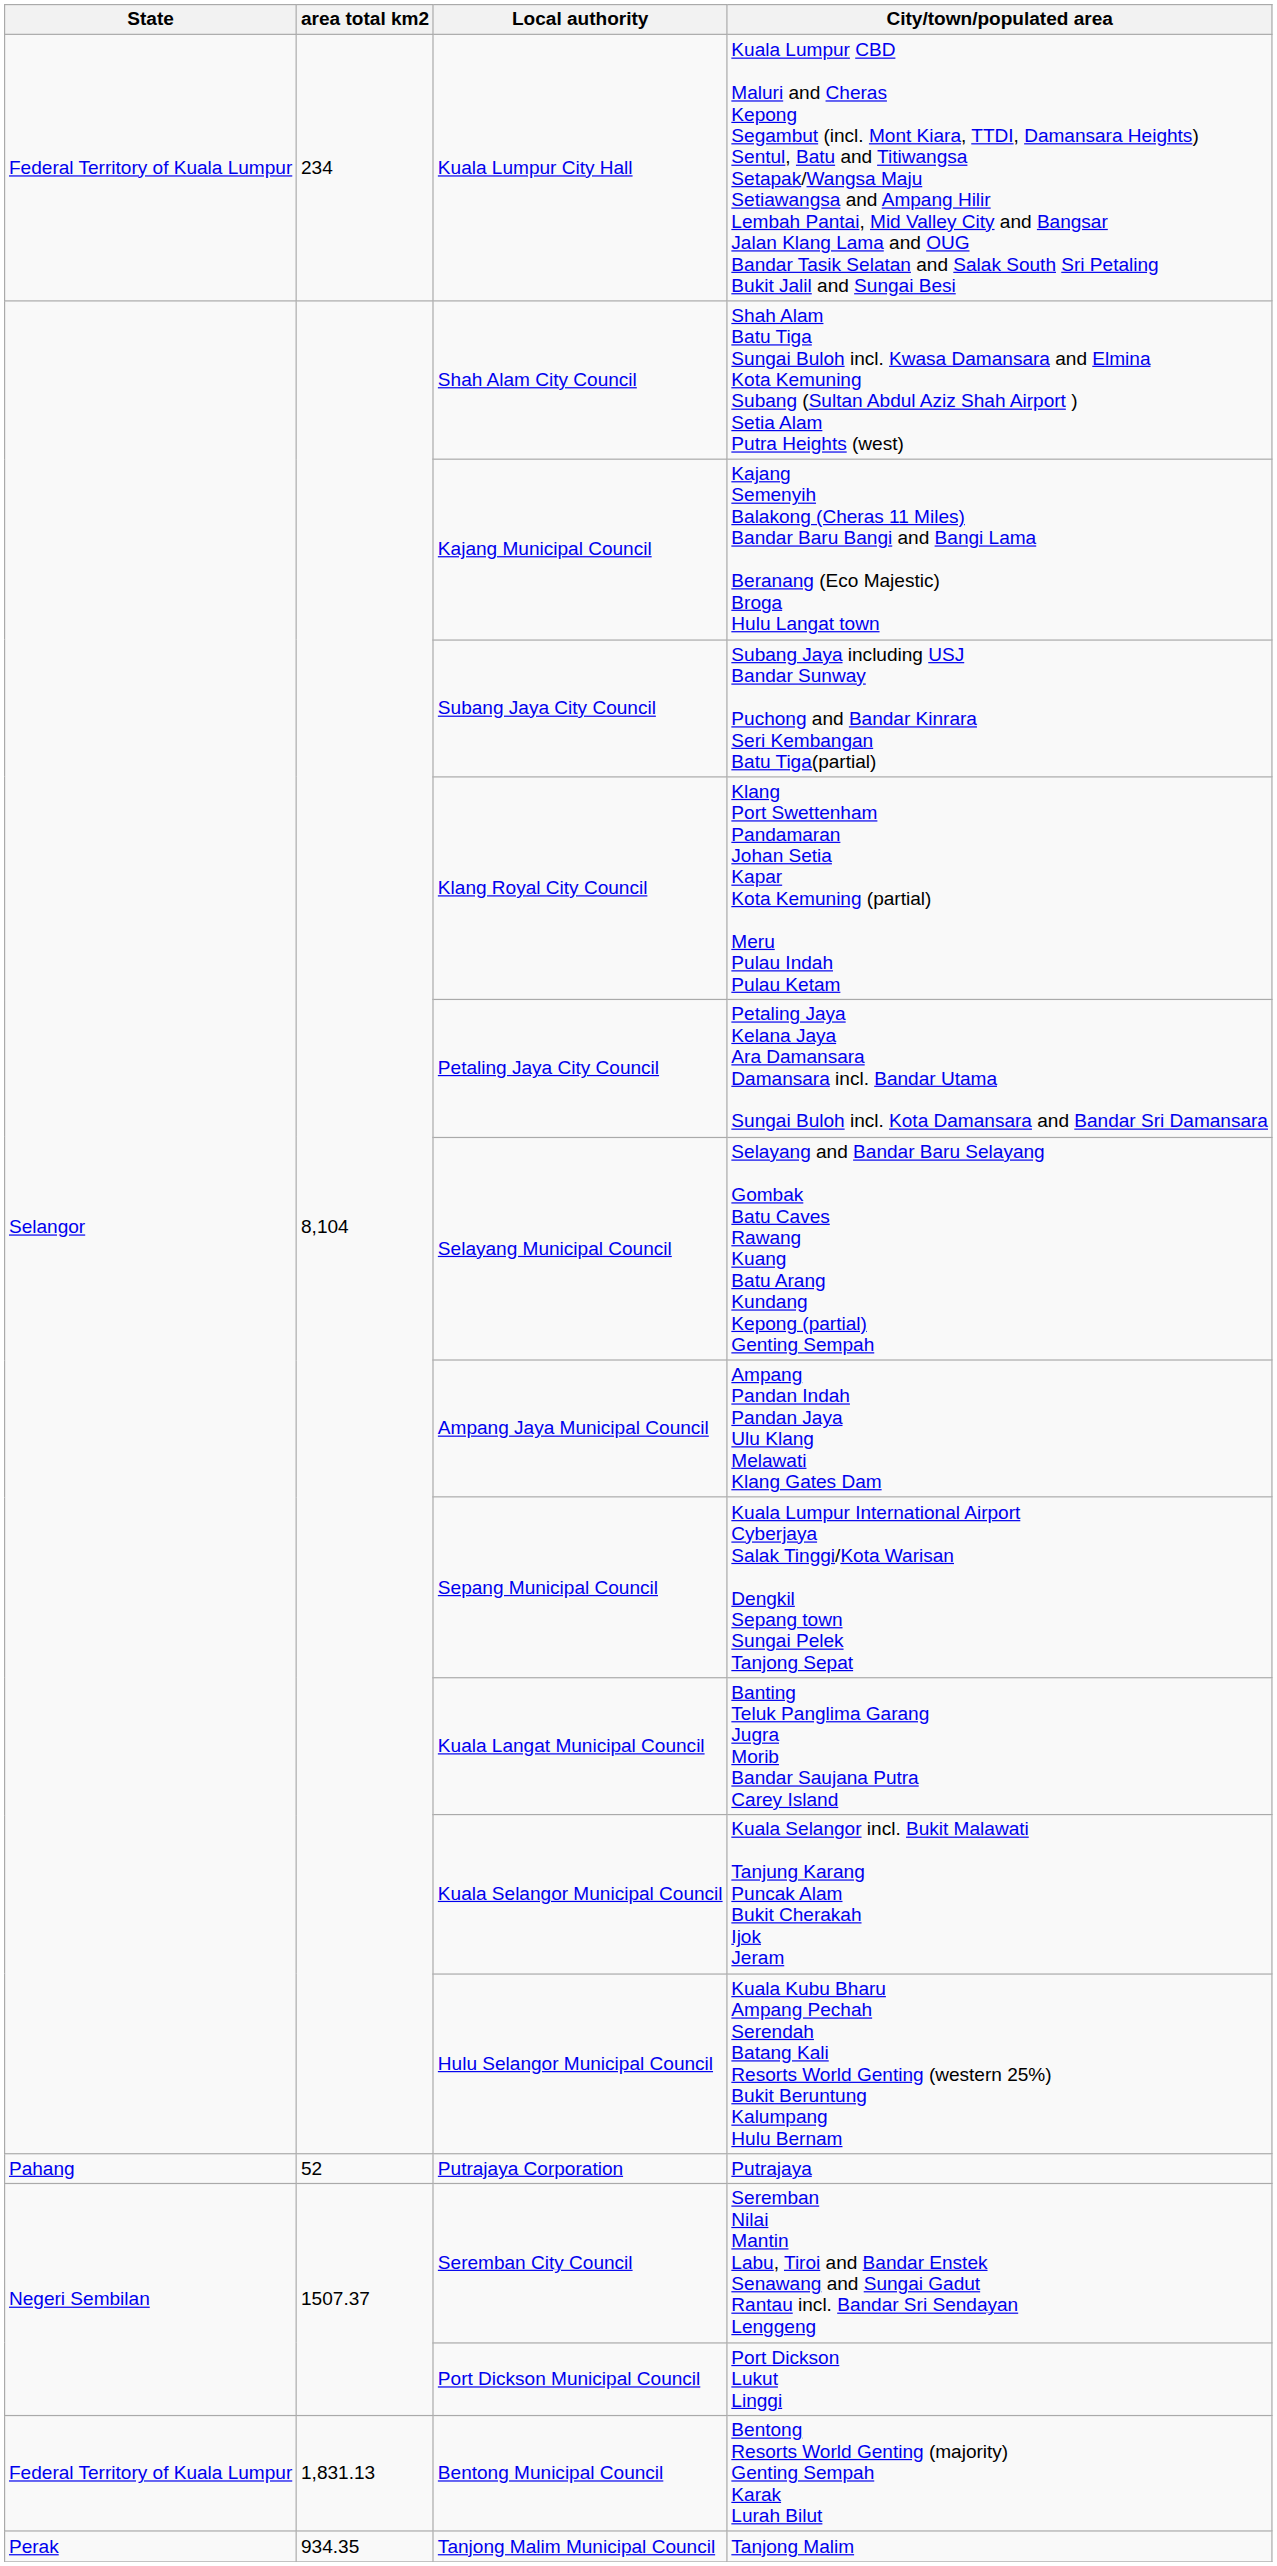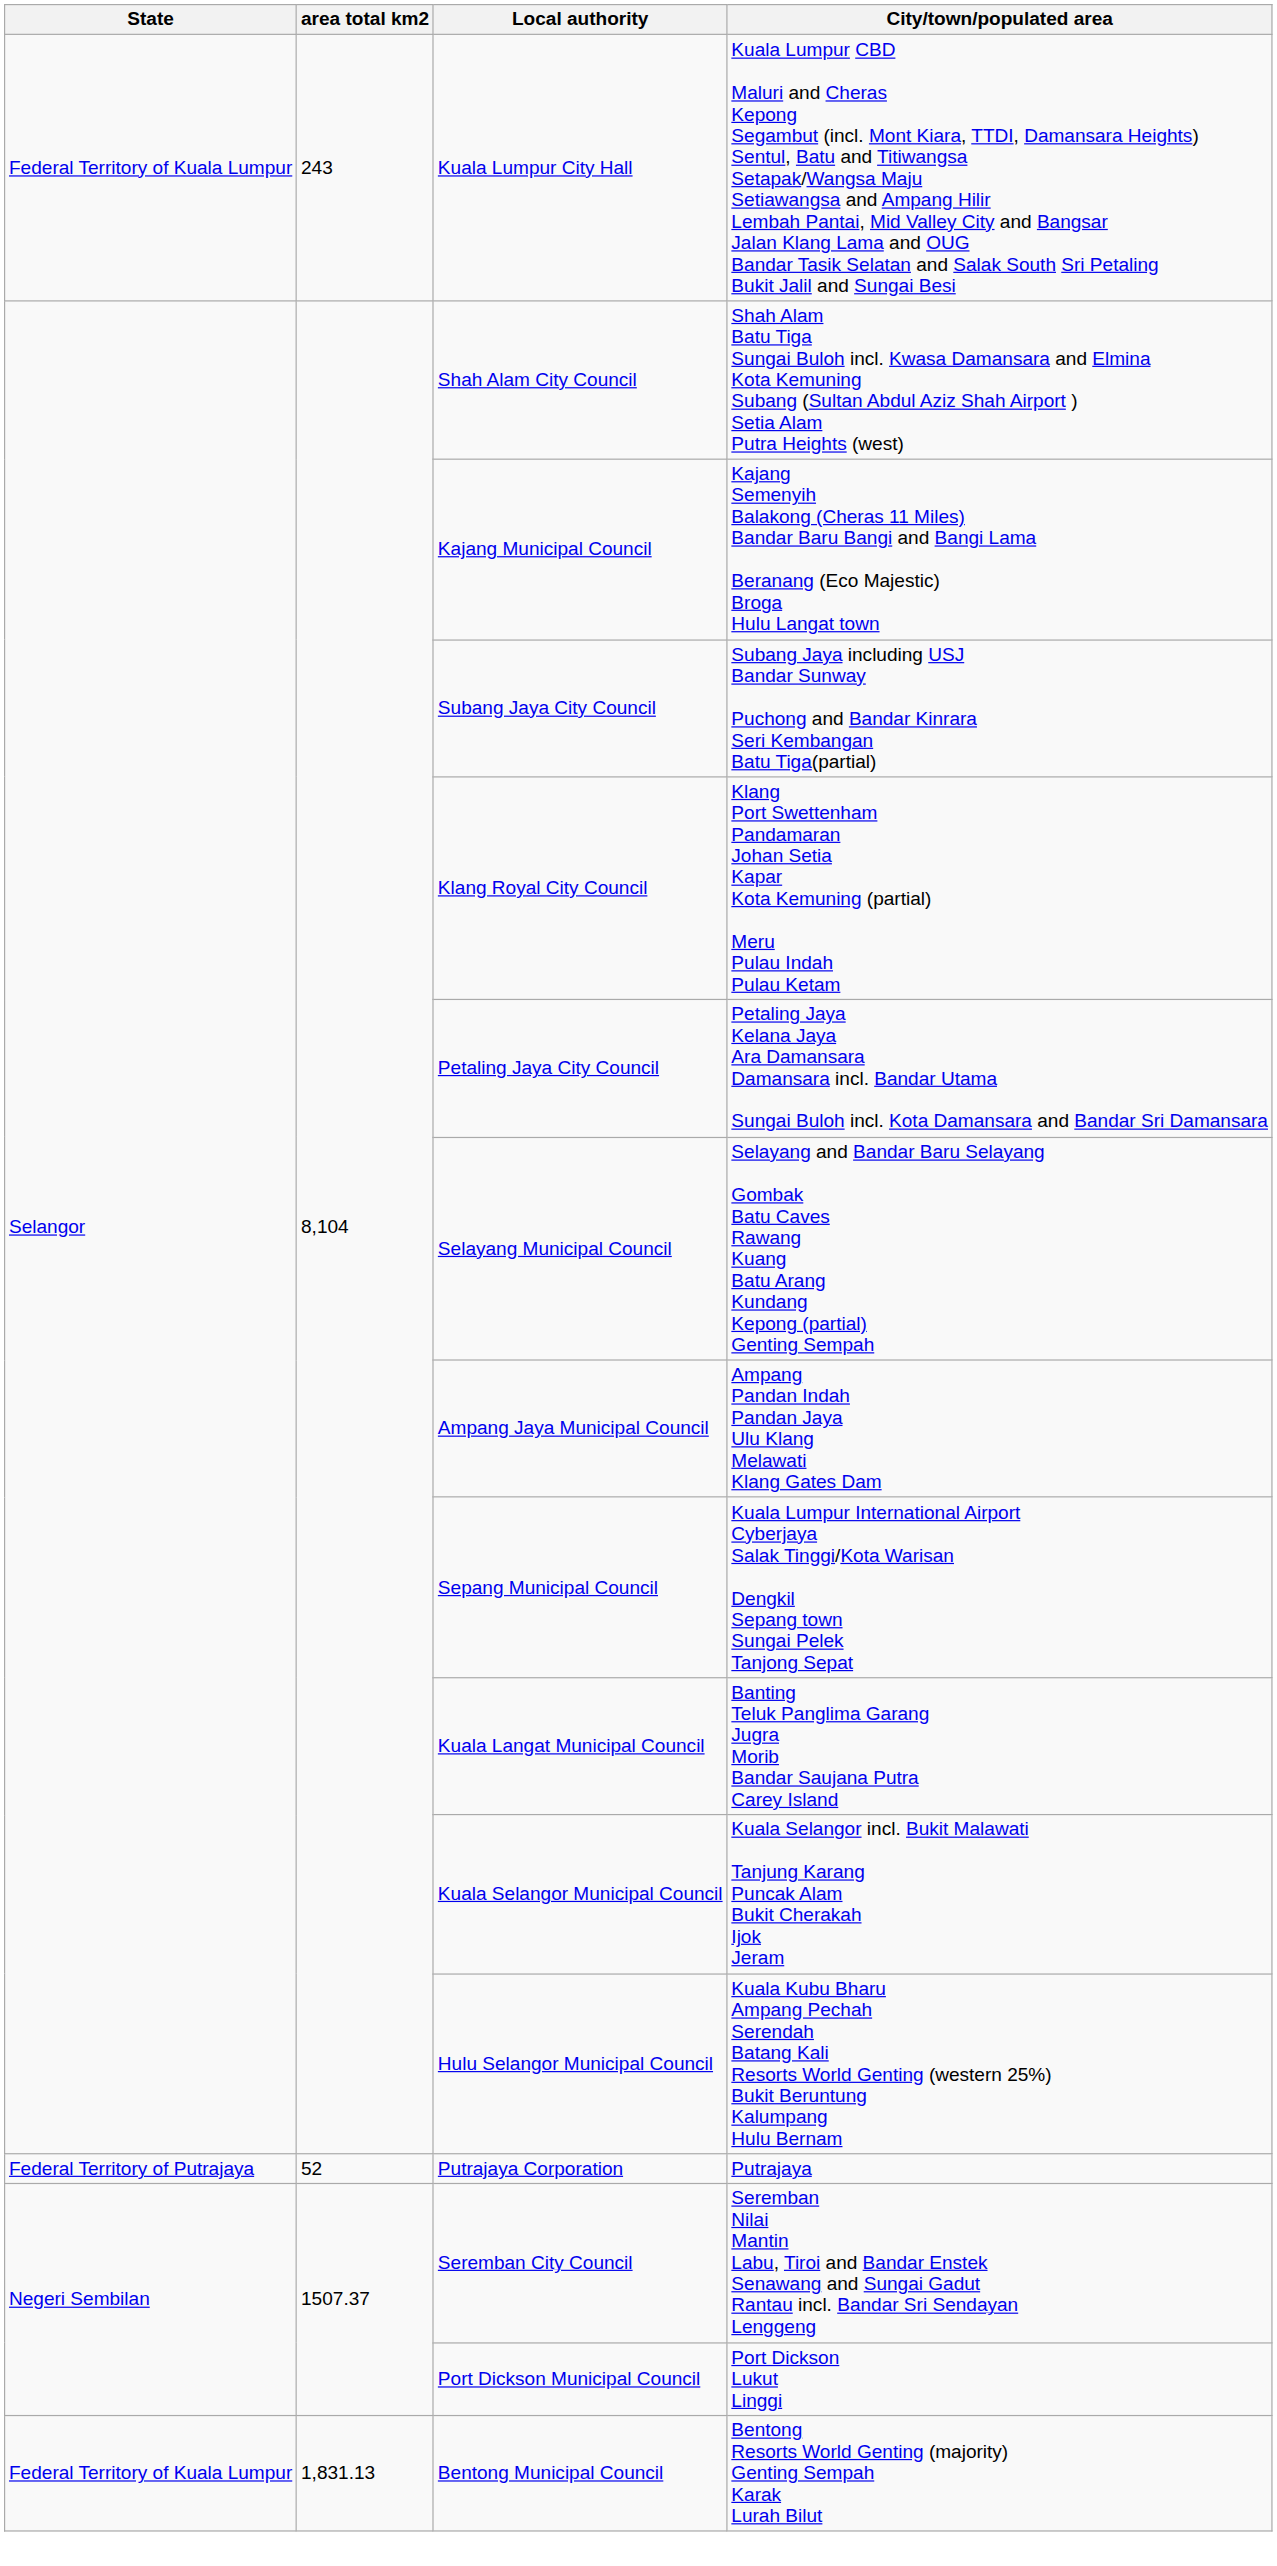 <table class="wikitable">
 <tr>
 <th>State</th>
 <th>area total km2</th>
 <th>Local authority</th>
 <th>City/town/populated area</th>
 </tr>
 <tr>
 <td> <a href='#'>Federal Territory of Kuala Lumpur</a></td>
-<td>234</td>
+<td>243</td>
 <td><a href='#'>Kuala Lumpur City Hall</a></td>
 <td><a href='#'>Kuala Lumpur</a> <a href='#'>CBD</a><br><br><a href='#'>Maluri</a> and <a href='#'>Cheras</a><br> <a href='#'>Kepong</a><br> <a href='#'>Segambut</a> (incl. <a href='#'>Mont Kiara</a>, <a href='#'>TTDI</a>, <a href='#'>Damansara Heights</a>)<br> <a href='#'>Sentul</a>, <a href='#'>Batu</a> and <a href='#'>Titiwangsa</a><br> <a href='#'>Setapak</a>/<a href='#'>Wangsa Maju</a><br> <a href='#'>Setiawangsa</a> and <a href='#'>Ampang Hilir</a><br> <a href='#'>Lembah Pantai</a>, <a href='#'>Mid Valley City</a> and <a href='#'>Bangsar</a><br> <a href='#'>Jalan Klang Lama</a> and <a href='#'>OUG</a><br> <a href='#'>Bandar Tasik Selatan</a> and <a href='#'>Salak South</a> <a href='#'>Sri Petaling</a><br> <a href='#'>Bukit Jalil</a> and <a href='#'>Sungai Besi</a><br></td>
 </tr>
 <tr>
 <td rowspan="11"> <a href='#'>Selangor</a></td>
 <td rowspan="11">8,104</td>
 <td><a href='#'>Shah Alam City Council</a><br></td>
 <td><a href='#'>Shah Alam</a><br><a href='#'>Batu Tiga</a><br><a href='#'>Sungai Buloh</a> incl. <a href='#'>Kwasa Damansara</a> and <a href='#'>Elmina</a><br><a href='#'>Kota Kemuning</a><br><a href='#'>Subang</a> (<a href='#'>Sultan Abdul Aziz Shah Airport</a> )<br><a href='#'>Setia Alam</a><br><a href='#'>Putra Heights</a> (west)</td>
 </tr>
 <tr>
 <td><a href='#'>Kajang Municipal Council</a></td>
 <td><a href='#'>Kajang</a><br><a href='#'>Semenyih</a><br><a href='#'>Balakong (Cheras 11 Miles)</a><br><a href='#'>Bandar Baru Bangi</a> and <a href='#'>Bangi Lama</a><br><br><a href='#'>Beranang</a> (Eco Majestic)<br> <a href='#'>Broga</a><br><a href='#'>Hulu Langat town</a></td>
 </tr>
 <tr>
 <td><a href='#'>Subang Jaya City Council</a></td>
 <td><a href='#'>Subang Jaya</a> including <a href='#'>USJ</a><br><a href='#'>Bandar Sunway</a><br><br><a href='#'>Puchong</a> and <a href='#'>Bandar Kinrara</a><br> <a href='#'>Seri Kembangan</a><br> <a href='#'>Batu Tiga</a>(partial)</td>
 </tr>
 <tr>
 <td><a href='#'>Klang Royal City Council</a></td>
 <td><a href='#'>Klang</a><br><a href='#'>Port Swettenham</a><br><a href='#'>Pandamaran</a><br><a href='#'>Johan Setia</a><br><a href='#'>Kapar</a><br><a href='#'>Kota Kemuning</a> (partial)<br><br><a href='#'>Meru</a><br> <a href='#'>Pulau Indah</a><br><a href='#'>Pulau Ketam</a></td>
 </tr>
 <tr>
 <td><a href='#'>Petaling Jaya City Council</a></td>
 <td><a href='#'>Petaling Jaya</a><br><a href='#'>Kelana Jaya</a><br><a href='#'>Ara Damansara</a><br><a href='#'>Damansara</a> incl. <a href='#'>Bandar Utama</a><br><br><a href='#'>Sungai Buloh</a> incl. <a href='#'>Kota Damansara</a> and <a href='#'>Bandar Sri Damansara</a></td>
 </tr>
 <tr>
 <td><a href='#'>Selayang Municipal Council</a></td>
 <td><a href='#'>Selayang</a> and <a href='#'>Bandar Baru Selayang</a><br><br><a href='#'>Gombak</a><br> <a href='#'>Batu Caves</a><br><a href='#'>Rawang</a><br><a href='#'>Kuang</a><br><a href='#'>Batu Arang</a><br><a href='#'>Kundang</a><br><a href='#'>Kepong (partial)</a><br><a href='#'>Genting Sempah</a></td>
 </tr>
 <tr>
 <td><a href='#'>Ampang Jaya Municipal Council</a></td>
 <td><a href='#'>Ampang</a><br><a href='#'>Pandan Indah</a><br><a href='#'>Pandan Jaya</a><br><a href='#'>Ulu Klang</a><br><a href='#'>Melawati</a><br><a href='#'>Klang Gates Dam</a></td>
 </tr>
 <tr>
 <td><a href='#'>Sepang Municipal Council</a></td>
 <td><a href='#'>Kuala Lumpur International Airport</a> <br><a href='#'>Cyberjaya</a><br><a href='#'>Salak Tinggi</a>/<a href='#'>Kota Warisan</a><br><br><a href='#'>Dengkil</a><br> <a href='#'>Sepang town</a><br><a href='#'>Sungai Pelek</a><br><a href='#'>Tanjong Sepat</a></td>
 </tr>
 <tr>
 <td><a href='#'>Kuala Langat Municipal Council</a></td>
 <td><a href='#'>Banting</a><br><a href='#'>Teluk Panglima Garang</a><br><a href='#'>Jugra</a><br><a href='#'>Morib</a><br><a href='#'>Bandar Saujana Putra</a><br><a href='#'>Carey Island</a></td>
 </tr>
 <tr>
 <td><a href='#'>Kuala Selangor Municipal Council</a></td>
 <td><a href='#'>Kuala Selangor</a> incl. <a href='#'>Bukit Malawati</a><br><br><a href='#'>Tanjung Karang</a><br><a href='#'>Puncak Alam</a><br><a href='#'>Bukit Cherakah</a><br><a href='#'>Ijok</a><br><a href='#'>Jeram</a></td>
 </tr>
 <tr>
 <td><a href='#'>Hulu Selangor Municipal Council</a></td>
 <td><a href='#'>Kuala Kubu Bharu</a><br><a href='#'>Ampang Pechah</a><br><a href='#'>Serendah</a><br><a href='#'>Batang Kali</a><br><a href='#'>Resorts World Genting</a> (western 25%)<br><a href='#'>Bukit Beruntung</a><br><a href='#'>Kalumpang</a><br><a href='#'>Hulu Bernam</a></td>
 </tr>
 <tr>
-<td> <a href='#'>Pahang</a></td>
+<td> <a href='#'>Federal Territory of Putrajaya</a></td>
 <td>52</td>
 <td><a href='#'>Putrajaya Corporation</a></td>
 <td><a href='#'>Putrajaya</a></td>
 </tr>
 <tr>
 <td rowspan="2"> <a href='#'>Negeri Sembilan</a></td>
 <td rowspan="2">1507.37</td>
 <td><a href='#'>Seremban City Council</a></td>
 <td><a href='#'>Seremban</a><br><a href='#'>Nilai</a><br><a href='#'>Mantin</a><br><a href='#'>Labu</a>, <a href='#'>Tiroi</a> and <a href='#'>Bandar Enstek</a><br><a href='#'>Senawang</a> and <a href='#'>Sungai Gadut</a><br><a href='#'>Rantau</a> incl. <a href='#'>Bandar Sri Sendayan</a><br><a href='#'>Lenggeng</a></td>
 </tr>
 <tr>
 <td><a href='#'>Port Dickson Municipal Council</a></td>
 <td><a href='#'>Port Dickson</a><br><a href='#'>Lukut</a><br><a href='#'>Linggi</a></td>
 </tr>
 <tr>
 <td> <a href='#'>Federal Territory of Kuala Lumpur</a></td>
 <td>1,831.13</td>
 <td><a href='#'>Bentong Municipal Council</a></td>
 <td><a href='#'>Bentong</a><br><a href='#'>Resorts World Genting</a> (majority)<br><a href='#'>Genting Sempah</a><br><a href='#'>Karak</a><br><a href='#'>Lurah Bilut</a></td>
 </tr>
-<tr>
-<td> <a href='#'>Perak</a></td>
-<td>934.35</td>
-<td><a href='#'>Tanjong Malim Municipal Council</a></td>
-<td><a href='#'>Tanjong Malim</a></td>
-</tr>
 </table>
